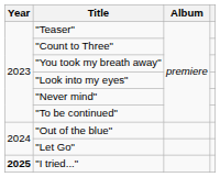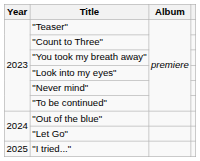 <table class="wikitable plainrowheaders">
 <tr>
 <th>Year</th>
 <th>Title</th>
 <th>Album</th>
 <th></th>
 </tr>
 <tr>
 <td rowspan="6">2023</td>
 <td>"Teaser"</td>
 <td rowspan="6"><em>premiere</em></td>
 <td></td>
 </tr>
 <tr>
 <td>"Count to Three"</td>
 <td></td>
 </tr>
 <tr>
 <td>"You took my breath away"</td>
 <td></td>
 </tr>
 <tr>
 <td>"Look into my eyes"</td>
 <td></td>
 </tr>
 <tr>
 <td>"Never mind"</td>
 <td></td>
 </tr>
 <tr>
 <td>"To be continued"</td>
 <td></td>
 </tr>
 <tr>
 <td rowspan="2">2024</td>
 <td>"Out of the blue"</td>
 <td></td>
 <td></td>
 </tr>
 <tr>
 <td>"Let Go"</td>
 <td></td>
 <td></td>
 </tr>
 <tr>
-<td><strong>2025</strong></td>
+<td>2025</td>
 <td>"I tried..."</td>
 <td></td>
 <td></td>
 </tr>
 </table>
